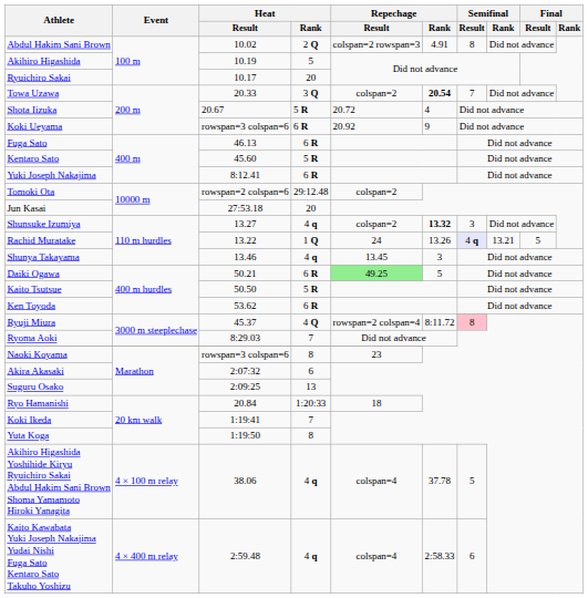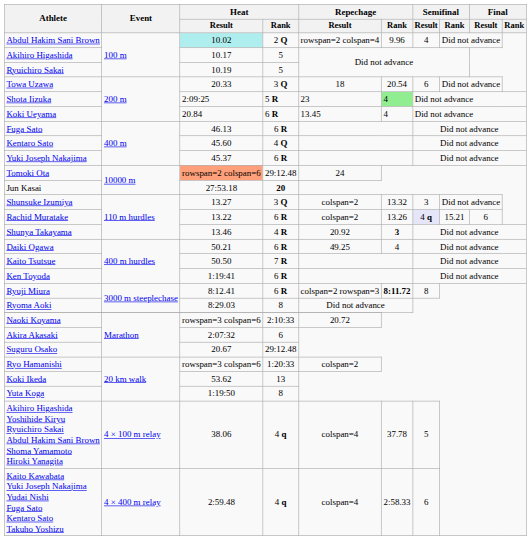 <table class="wikitable" style="font-size:90%">
 <tr>
 <th rowspan="2">Athlete</th>
 <th rowspan="2">Event</th>
 <th colspan="2">Heat</th>
 <th colspan="2">Repechage</th>
 <th colspan="2">Semifinal</th>
 <th colspan="2">Final</th>
 </tr>
 <tr style="font-size:95%">
 <th>Result</th>
 <th>Rank</th>
 <th>Result</th>
 <th>Rank</th>
 <th>Result</th>
 <th>Rank</th>
 <th>Result</th>
 <th>Rank</th>
 </tr>
 <tr align=center>
 <td align=left><a href='#'>Abdul Hakim Sani Brown</a></td>
 <td rowspan=3 align=left><a href='#'>100 m</a></td>
-<td>10.02</td>
+<td style="background: paleturquoise;">10.02</td>
 <td>2 <strong>Q</strong></td>
-<td>colspan=2 rowspan=3 </td>
-<td>4.91</td>
-<td>8</td>
+<td>rowspan=2 colspan=4 </td>
+<td>9.96</td>
+<td>4</td>
 <td colspan="2">Did not advance</td>
 </tr>
 <tr align=center>
 <td align=left><a href='#'>Akihiro Higashida</a></td>
-<td>10.19</td>
+<td>10.17</td>
 <td>5</td>
 <td colspan=4 rowspan=2>Did not advance</td>
 </tr>
 <tr align=center>
 <td align=left><a href='#'>Ryuichiro Sakai</a></td>
-<td>10.17</td>
-<td>20</td>
+<td>10.19</td>
+<td>5</td>
 </tr>
 <tr align=center>
 <td align=left><a href='#'>Towa Uzawa</a></td>
 <td rowspan=3 align=left><a href='#'>200 m</a></td>
 <td>20.33</td>
 <td>3 <strong>Q</strong></td>
-<td>colspan=2 </td>
-<td><strong>20.54</strong></td>
-<td>7</td>
+<td>18</td>
+<td>20.54</td>
+<td>6</td>
 <td colspan=2>Did not advance</td>
 </tr>
 <tr>
 <td><a href='#'>Shota Iizuka</a></td>
-<td>20.67</td>
+<td>2:09:25</td>
 <td>5 <strong>R</strong></td>
-<td>20.72</td>
-<td>4</td>
+<td>23</td>
+<td style="background: lightgreen;">4</td>
 <td colspan=4>Did not advance</td>
 </tr>
 <tr>
 <td><a href='#'>Koki Ueyama</a></td>
-<td>rowspan=3 colspan=6 </td>
+<td>20.84</td>
 <td>6 <strong>R</strong></td>
-<td>20.92</td>
-<td>9</td>
+<td>13.45</td>
+<td>4</td>
 <td colspan=4>Did not advance</td>
 </tr>
 <tr align=center>
 <td align=left><a href='#'>Fuga Sato</a></td>
 <td align=left rowspan=3><a href='#'>400 m</a></td>
 <td>46.13</td>
 <td>6 <strong>R</strong></td>
 <td colspan=2></td>
 <td colspan=4>Did not advance</td>
 </tr>
 <tr align=center>
 <td align=left><a href='#'>Kentaro Sato</a></td>
 <td>45.60</td>
-<td>5 <strong>R</strong></td>
+<td>4 <strong>Q</strong></td>
 <td colspan=2></td>
 <td colspan=4>Did not advance</td>
 </tr>
 <tr align=center>
 <td align=left><a href='#'>Yuki Joseph Nakajima</a></td>
-<td>8:12.41</td>
+<td>45.37</td>
 <td>6 <strong>R</strong></td>
 <td colspan=2></td>
 <td colspan=4>Did not advance</td>
 </tr>
 <tr align=center>
 <td align=left><a href='#'>Tomoki Ota</a></td>
 <td align=left rowspan=2><a href='#'>10000 m</a></td>
-<td>rowspan=2 colspan=6 </td>
+<td style="background: lightsalmon;">rowspan=2 colspan=6 </td>
 <td>29:12.48</td>
-<td>colspan=2 </td>
+<td>24</td>
 </tr>
 <tr align=center>
 <td align=left>Jun Kasai</td>
 <td>27:53.18</td>
-<td>20</td>
+<td><strong>20</strong></td>
 </tr>
 <tr align=center>
 <td align=left><a href='#'>Shunsuke Izumiya</a></td>
 <td align=left rowspan=3><a href='#'>110 m hurdles</a></td>
 <td>13.27</td>
-<td>4 <strong>q</strong></td>
+<td>3 <strong>Q</strong></td>
 <td>colspan=2 </td>
-<td><strong>13.32</strong></td>
+<td>13.32</td>
 <td>3</td>
 <td colspan=2>Did not advance</td>
 </tr>
 <tr align=center>
 <td align=left><a href='#'>Rachid Muratake</a></td>
 <td>13.22</td>
-<td>1 <strong>Q</strong></td>
-<td>24</td>
+<td>6 <strong>R</strong></td>
+<td>colspan=2 </td>
 <td>13.26</td>
 <td style="background: lavender;">4 <strong>q</strong></td>
-<td>13.21</td>
-<td>5</td>
+<td>15.21</td>
+<td>6</td>
 </tr>
 <tr align=center>
 <td align=left><a href='#'>Shunya Takayama</a></td>
 <td>13.46</td>
-<td>4 <strong>q</strong></td>
-<td>13.45</td>
-<td>3</td>
+<td>4 <strong>R</strong></td>
+<td>20.92</td>
+<td><strong>3</strong></td>
 <td colspan=4>Did not advance</td>
 </tr>
 <tr align=center>
 <td align=left><a href='#'>Daiki Ogawa</a></td>
 <td align=left rowspan=3><a href='#'>400 m hurdles</a></td>
 <td>50.21</td>
 <td>6 <strong>R</strong></td>
-<td style="background: lightgreen;">49.25</td>
-<td>5</td>
+<td>49.25</td>
+<td>4</td>
 <td colspan=4>Did not advance</td>
 </tr>
 <tr align=center>
 <td align=left><a href='#'>Kaito Tsutsue</a></td>
 <td>50.50</td>
-<td>5 <strong>R</strong></td>
+<td>7 <strong>R</strong></td>
 <td colspan=2></td>
 <td colspan=4>Did not advance</td>
 </tr>
 <tr align=center>
 <td align=left><a href='#'>Ken Toyoda</a></td>
-<td>53.62</td>
+<td>1:19:41</td>
 <td>6 <strong>R</strong></td>
 <td colspan=2></td>
 <td colspan=4>Did not advance</td>
 </tr>
 <tr align=center>
 <td align=left><a href='#'>Ryuji Miura</a></td>
 <td rowspan=2 align=left><a href='#'>3000 m steeplechase</a></td>
-<td>45.37</td>
-<td>4 <strong>Q</strong></td>
-<td>rowspan=2 colspan=4 </td>
-<td>8:11.72</td>
-<td style="background: pink;">8</td>
+<td>8:12.41</td>
+<td>6 <strong>R</strong></td>
+<td>colspan=2 rowspan=3 </td>
+<td><strong>8:11.72</strong></td>
+<td>8</td>
 </tr>
 <tr align=center>
 <td align=left><a href='#'>Ryoma Aoki</a></td>
 <td>8:29.03</td>
-<td>7</td>
+<td>8</td>
 <td colspan=2>Did not advance</td>
 </tr>
 <tr>
 </tr>
 <tr align=center>
 <td align=left><a href='#'>Naoki Koyama</a></td>
 <td align=left rowspan=3><a href='#'>Marathon</a></td>
 <td>rowspan=3 colspan=6 </td>
-<td>8</td>
-<td>23</td>
+<td>2:10:33</td>
+<td>20.72</td>
 </tr>
 <tr align=center>
 <td align=left><a href='#'>Akira Akasaki</a></td>
 <td>2:07:32</td>
 <td>6</td>
 </tr>
 <tr align=center>
 <td align=left><a href='#'>Suguru Osako</a></td>
-<td>2:09:25</td>
-<td>13</td>
+<td>20.67</td>
+<td>29:12.48</td>
 </tr>
 <tr align=center>
 <td align=left><a href='#'>Ryo Hamanishi</a></td>
 <td align=left rowspan=3><a href='#'>20 km walk</a></td>
-<td>20.84</td>
+<td>rowspan=3 colspan=6 </td>
 <td>1:20:33</td>
-<td>18</td>
+<td>colspan=2 </td>
 </tr>
 <tr align=center>
 <td align=left><a href='#'>Koki Ikeda</a></td>
-<td>1:19:41</td>
-<td>7</td>
+<td>53.62</td>
+<td>13</td>
 </tr>
 <tr align=center>
 <td align=left><a href='#'>Yuta Koga</a></td>
 <td>1:19:50</td>
 <td>8</td>
 </tr>
 <tr align=center>
 <td align=left><a href='#'>Akihiro Higashida</a><br><a href='#'>Yoshihide Kiryu</a><br><a href='#'>Ryuichiro Sakai</a><br><a href='#'>Abdul Hakim Sani Brown</a><br><a href='#'>Shoma Yamamoto</a><br><a href='#'>Hiroki Yanagita</a></td>
 <td align=left><a href='#'>4 × 100 m relay</a></td>
 <td>38.06 <strong></strong></td>
 <td>4 <strong>q</strong></td>
 <td>colspan=4 </td>
 <td>37.78 <strong></strong></td>
 <td>5</td>
 </tr>
 <tr align=center>
 <td align=left><a href='#'>Kaito Kawabata</a><br><a href='#'>Yuki Joseph Nakajima</a><br><a href='#'>Yudai Nishi</a><br><a href='#'>Fuga Sato</a><br><a href='#'>Kentaro Sato</a><br><a href='#'>Takuho Yoshizu</a></td>
 <td align=left><a href='#'>4 × 400 m relay</a></td>
 <td>2:59.48 <strong></strong></td>
 <td>4 <strong>q</strong></td>
 <td>colspan=4 </td>
 <td>2:58.33 <strong></strong></td>
 <td>6</td>
 </tr>
 </table>
